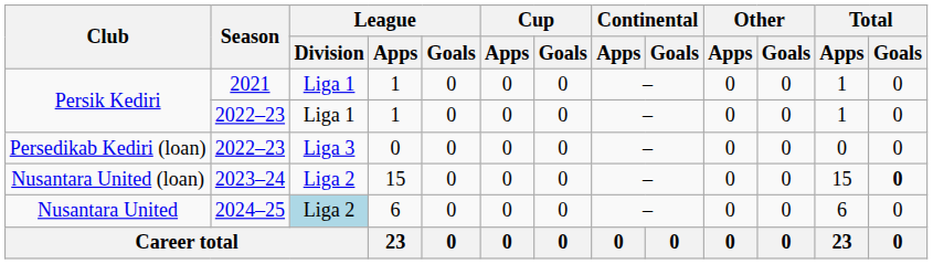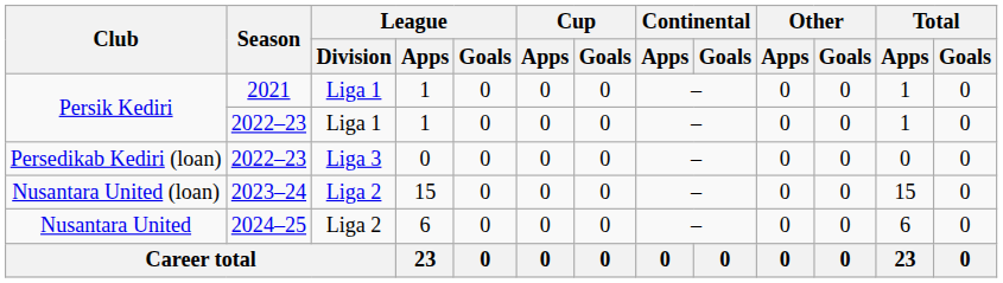 <table class="wikitable" style="text-align: center">
 <tr>
 <th rowspan="2">Club</th>
 <th rowspan="2">Season</th>
 <th colspan="3">League</th>
 <th colspan="2">Cup</th>
 <th colspan="2">Continental</th>
 <th colspan="2">Other</th>
 <th colspan="2">Total</th>
 </tr>
 <tr>
 <th>Division</th>
 <th>Apps</th>
 <th>Goals</th>
 <th>Apps</th>
 <th>Goals</th>
 <th>Apps</th>
 <th>Goals</th>
 <th>Apps</th>
 <th>Goals</th>
 <th>Apps</th>
 <th>Goals</th>
 </tr>
 <tr>
 <td rowspan="2"><a href='#'>Persik Kediri</a></td>
 <td><a href='#'>2021</a></td>
 <td rowspan="1" valign="center"><a href='#'>Liga 1</a></td>
 <td>1</td>
 <td>0</td>
 <td>0</td>
 <td>0</td>
 <td colspan="2">–</td>
 <td>0</td>
 <td>0</td>
 <td>1</td>
 <td>0</td>
 </tr>
 <tr>
 <td><a href='#'>2022–23</a></td>
 <td>Liga 1</td>
 <td>1</td>
 <td>0</td>
 <td>0</td>
 <td>0</td>
 <td colspan="2">–</td>
 <td>0</td>
 <td>0</td>
 <td>1</td>
 <td>0</td>
 </tr>
 <tr>
 <td rowspan="1"><a href='#'>Persedikab Kediri</a> (loan)</td>
 <td><a href='#'>2022–23</a></td>
 <td rowspan="1"><a href='#'>Liga 3</a></td>
 <td>0</td>
 <td>0</td>
 <td>0</td>
 <td>0</td>
 <td colspan="2">–</td>
 <td>0</td>
 <td>0</td>
 <td>0</td>
 <td>0</td>
 </tr>
 <tr>
 <td rowspan="1"><a href='#'>Nusantara United</a> (loan)</td>
 <td><a href='#'>2023–24</a></td>
 <td rowspan="1"><a href='#'>Liga 2</a></td>
 <td>15</td>
 <td>0</td>
 <td>0</td>
 <td>0</td>
 <td colspan="2">–</td>
 <td>0</td>
 <td>0</td>
 <td>15</td>
-<td><strong>0</strong></td>
+<td>0</td>
 </tr>
 <tr>
 <td rowspan="1"><a href='#'>Nusantara United</a></td>
 <td><a href='#'>2024–25</a></td>
-<td rowspan="1" style="background: lightblue;">Liga 2</td>
+<td rowspan="1">Liga 2</td>
 <td>6</td>
 <td>0</td>
 <td>0</td>
 <td>0</td>
 <td colspan="2">–</td>
 <td>0</td>
 <td>0</td>
 <td>6</td>
 <td>0</td>
 </tr>
 <tr>
 <th colspan=3>Career total</th>
 <th>23</th>
 <th>0</th>
 <th>0</th>
 <th>0</th>
 <th>0</th>
 <th>0</th>
 <th>0</th>
 <th>0</th>
 <th>23</th>
 <th>0</th>
 </tr>
 </table>
